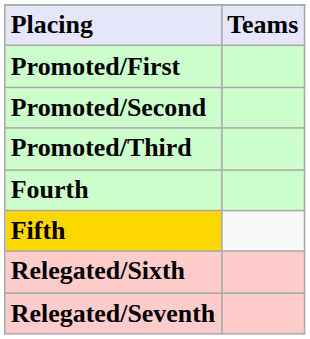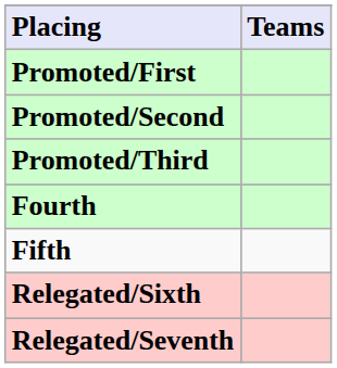 <table class=wikitable>
 <tr>
 </tr>
 <tr style="background: #E6E6FA;">
 <td><strong>Placing</strong></td>
 <td colspan=2 style="text-align:center"><strong>Teams</strong></td>
 </tr>
 <tr style="background: #ccffcc;">
 <td><strong>Promoted/First</strong></td>
 <td colspan=2><strong></strong></td>
 </tr>
 <tr style="background: #ccffcc;">
 <td><strong>Promoted/Second</strong></td>
 <td colspan=2><strong></strong></td>
 </tr>
 <tr style="background: #ccffcc;">
 <td><strong>Promoted/Third</strong></td>
 <td colspan=2><strong></strong></td>
 </tr>
 <tr style="background: #ccffcc;">
 <td><strong>Fourth</strong></td>
 <td colspan=2><strong></strong></td>
 </tr>
 <tr>
-<td style="background: gold;"><strong>Fifth</strong></td>
+<td><strong>Fifth</strong></td>
 <td></td>
 </tr>
 <tr style="background: #ffcccc;">
 <td><strong>Relegated/Sixth</strong></td>
 <td><em></em></td>
 </tr>
 <tr style="background: #ffcccc;">
 <td><strong>Relegated/Seventh</strong></td>
 <td><em></em></td>
 </tr>
 </table>
